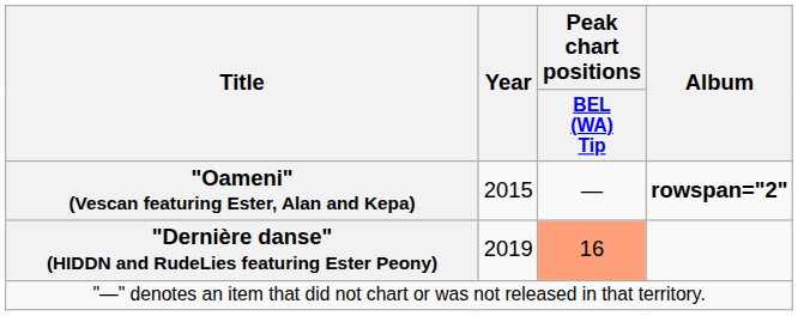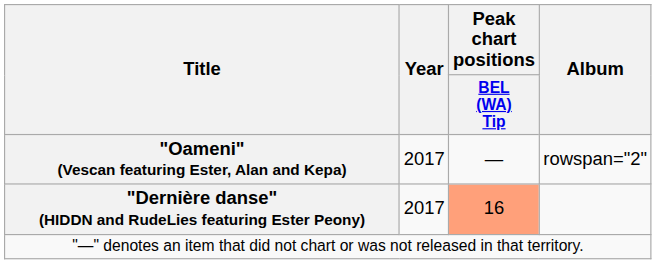 <table class="wikitable plainrowheaders" style="text-align:center;">
 <tr>
 <th scope="col" rowspan="2" style="width:21em;">Title</th>
 <th scope="col" rowspan="2" style="width:1em;">Year</th>
 <th scope="col" colspan="1">Peak chart positions</th>
 <th scope="col" rowspan="2">Album</th>
 </tr>
 <tr>
 <th scope="col" style="width:3em;font-size:85%;"><a href='#'>BEL<br>(WA)<br>Tip</a><br></th>
 </tr>
 <tr>
 <th scope="row">"Oameni"<br><small>(Vescan featuring Ester, Alan and Kepa)</small></th>
-<td>2015</td>
+<td>2017</td>
 <td>—</td>
-<td><strong>rowspan="2" </strong></td>
+<td>rowspan="2" </td>
 </tr>
 <tr>
 <th scope="row">"Dernière danse"<br><small>(HIDDN and RudeLies featuring Ester Peony)</small></th>
-<td>2019</td>
+<td>2017</td>
 <td style="background: lightsalmon;">16</td>
 </tr>
 <tr>
 <td style="font-size:85%;" colspan="22">"—" denotes an item that did not chart or was not released in that territory.</td>
 </tr>
 </table>
